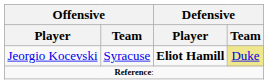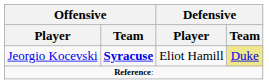 <table class="wikitable" style="text-align: center;">
 <tr>
 <th colspan="2">Offensive</th>
 <th colspan="2">Defensive</th>
 </tr>
 <tr>
 <th>Player</th>
 <th>Team</th>
 <th>Player</th>
 <th>Team</th>
 </tr>
 <tr>
 <td><a href='#'>Jeorgio Kocevski</a></td>
-<td><a href='#'>Syracuse</a></td>
-<td><strong>Eliot Hamill</strong></td>
+<td><strong><a href='#'>Syracuse</a></strong></td>
+<td>Eliot Hamill</td>
 <td style="background: khaki;"><a href='#'>Duke</a></td>
 </tr>
 <tr>
 <td colspan="4"  style="font-size:8pt; text-align:center;"><strong>Reference</strong>:</td>
 </tr>
 </table>
